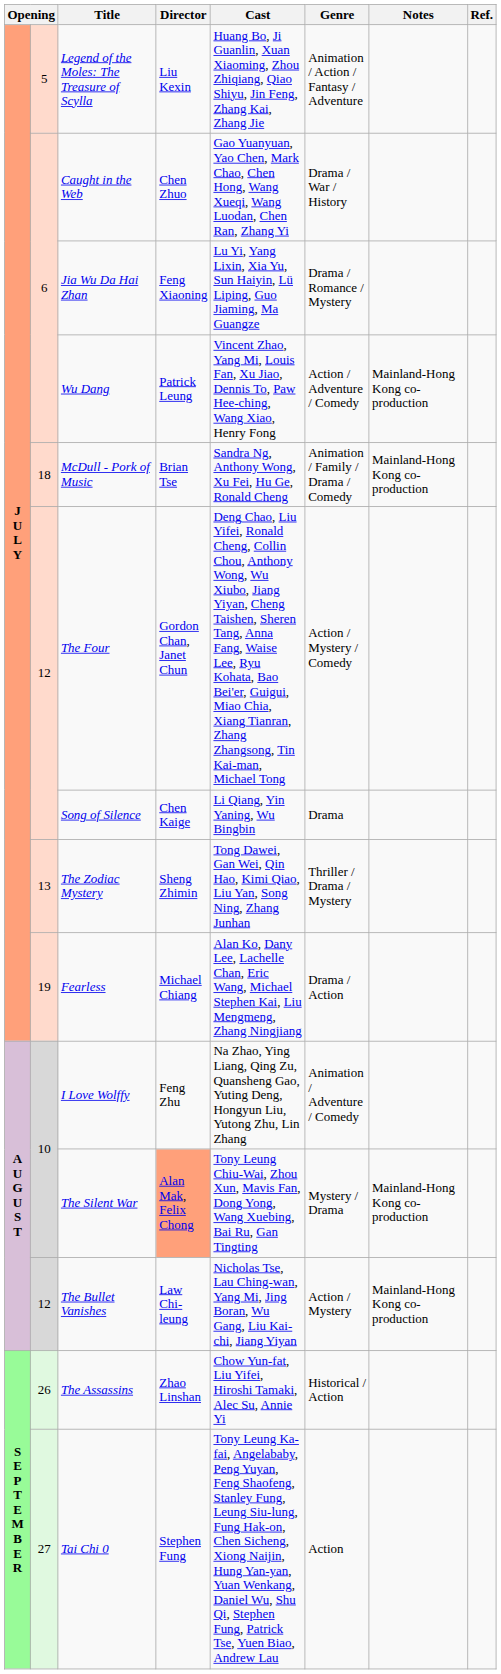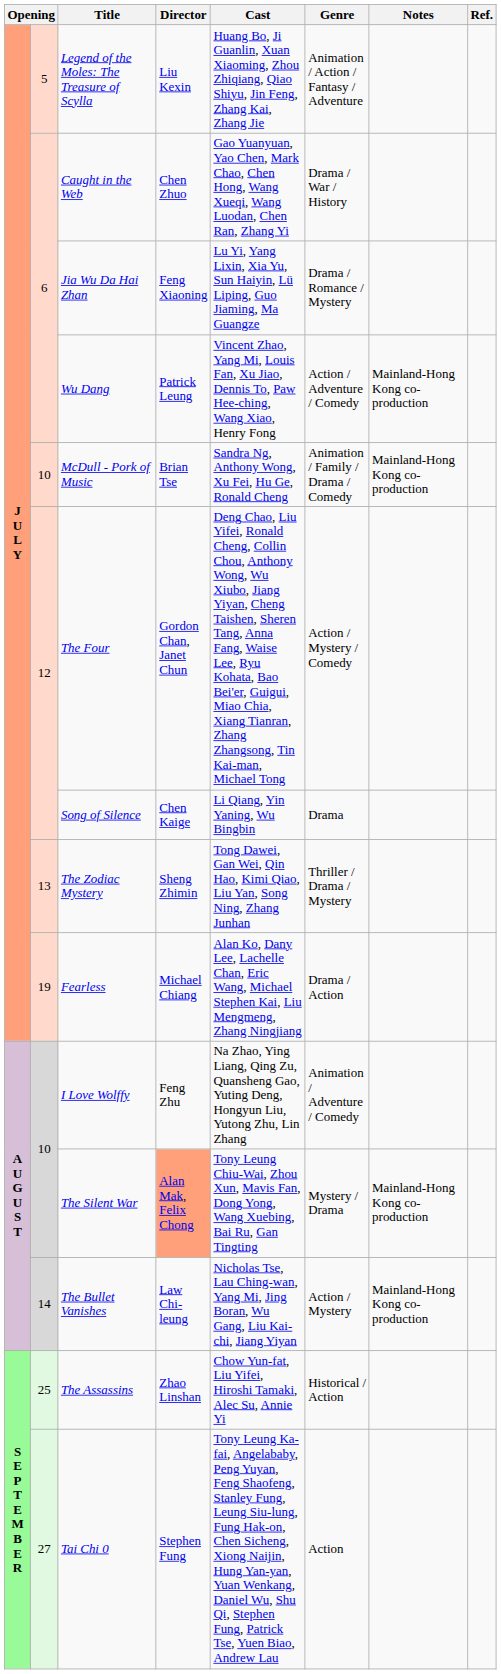 <table class="wikitable">
 <tr>
 <th colspan="2">Opening</th>
 <th style="width:20%;">Title</th>
 <th style="width:10%;">Director</th>
 <th>Cast</th>
 <th style="width:13%">Genre</th>
 <th style="width:20%">Notes</th>
 <th>Ref.</th>
 </tr>
 <tr>
 <th rowspan=9 style="text-align:center; background:#ffa07a; textcolor:#000;">J<br>U<br>L<br>Y</th>
 <td rowspan=1 style="text-align:center; background:#ffdacc; textcolor:#000;">5</td>
 <td><em><a href='#'>Legend of the Moles: The Treasure of Scylla</a></em></td>
 <td><a href='#'>Liu Kexin</a></td>
 <td><a href='#'>Huang Bo</a>, <a href='#'>Ji Guanlin</a>, <a href='#'>Xuan Xiaoming</a>, <a href='#'>Zhou Zhiqiang</a>, <a href='#'>Qiao Shiyu</a>, <a href='#'>Jin Feng</a>, <a href='#'>Zhang Kai</a>, <a href='#'>Zhang Jie</a></td>
 <td>Animation / Action / Fantasy / Adventure</td>
 <td></td>
 <td style="text-align:center;"></td>
 </tr>
 <tr>
 <td rowspan=3 style="text-align:center; background:#ffdacc; textcolor:#000;">6</td>
 <td><em><a href='#'>Caught in the Web</a></em></td>
 <td><a href='#'>Chen Zhuo</a></td>
 <td><a href='#'>Gao Yuanyuan</a>, <a href='#'>Yao Chen</a>, <a href='#'>Mark Chao</a>, <a href='#'>Chen Hong</a>, <a href='#'>Wang Xueqi</a>, <a href='#'>Wang Luodan</a>, <a href='#'>Chen Ran</a>, <a href='#'>Zhang Yi</a></td>
 <td>Drama / War / History</td>
 <td></td>
 <td style="text-align:center;"></td>
 </tr>
 <tr>
 <td><em><a href='#'>Jia Wu Da Hai Zhan</a></em></td>
 <td><a href='#'>Feng Xiaoning</a></td>
 <td><a href='#'>Lu Yi</a>, <a href='#'>Yang Lixin</a>, <a href='#'>Xia Yu</a>, <a href='#'>Sun Haiyin</a>, <a href='#'>Lü Liping</a>, <a href='#'>Guo Jiaming</a>, <a href='#'>Ma Guangze</a></td>
 <td>Drama / Romance / Mystery</td>
 <td></td>
 <td style="text-align:center;"></td>
 </tr>
 <tr>
 <td><em><a href='#'>Wu Dang</a></em></td>
 <td><a href='#'>Patrick Leung</a></td>
 <td><a href='#'>Vincent Zhao</a>, <a href='#'>Yang Mi</a>, <a href='#'>Louis Fan</a>, <a href='#'>Xu Jiao</a>, <a href='#'>Dennis To</a>, <a href='#'>Paw Hee-ching</a>, <a href='#'>Wang Xiao</a>, Henry Fong</td>
 <td>Action / Adventure / Comedy</td>
 <td>Mainland-Hong Kong co-production</td>
 <td style="text-align:center;"></td>
 </tr>
 <tr>
-<td rowspan=1 style="text-align:center; background:#ffdacc; textcolor:#000;">18</td>
+<td rowspan=1 style="text-align:center; background:#ffdacc; textcolor:#000;">10</td>
 <td><em><a href='#'>McDull - Pork of Music</a></em></td>
 <td><a href='#'>Brian Tse</a></td>
 <td><a href='#'>Sandra Ng</a>, <a href='#'>Anthony Wong</a>, <a href='#'>Xu Fei</a>, <a href='#'>Hu Ge</a>, <a href='#'>Ronald Cheng</a></td>
 <td>Animation / Family / Drama / Comedy</td>
 <td>Mainland-Hong Kong co-production</td>
 <td style="text-align:center;"></td>
 </tr>
 <tr>
 <td rowspan=2 style="text-align:center; background:#ffdacc; textcolor:#000;">12</td>
 <td><em><a href='#'>The Four</a></em></td>
 <td><a href='#'>Gordon Chan</a>, <a href='#'>Janet Chun</a></td>
 <td><a href='#'>Deng Chao</a>, <a href='#'>Liu Yifei</a>, <a href='#'>Ronald Cheng</a>, <a href='#'>Collin Chou</a>, <a href='#'>Anthony Wong</a>, <a href='#'>Wu Xiubo</a>, <a href='#'>Jiang Yiyan</a>, <a href='#'>Cheng Taishen</a>, <a href='#'>Sheren Tang</a>, <a href='#'>Anna Fang</a>, <a href='#'>Waise Lee</a>, <a href='#'>Ryu Kohata</a>, <a href='#'>Bao Bei'er</a>, <a href='#'>Guigui</a>, <a href='#'>Miao Chia</a>, <a href='#'>Xiang Tianran</a>, <a href='#'>Zhang Zhangsong</a>, <a href='#'>Tin Kai-man</a>, <a href='#'>Michael Tong</a></td>
 <td>Action / Mystery / Comedy</td>
 <td></td>
 <td style="text-align:center;"></td>
 </tr>
 <tr>
 <td><em><a href='#'>Song of Silence</a></em></td>
 <td><a href='#'>Chen Kaige</a></td>
 <td><a href='#'>Li Qiang</a>, <a href='#'>Yin Yaning</a>, <a href='#'>Wu Bingbin</a></td>
 <td>Drama</td>
 <td></td>
 <td style="text-align:center;"></td>
 </tr>
 <tr>
 <td rowspan=1 style="text-align:center; background:#ffdacc; textcolor:#000;">13</td>
 <td><em><a href='#'>The Zodiac Mystery</a></em></td>
 <td><a href='#'>Sheng Zhimin</a></td>
 <td><a href='#'>Tong Dawei</a>, <a href='#'>Gan Wei</a>, <a href='#'>Qin Hao</a>, <a href='#'>Kimi Qiao</a>, <a href='#'>Liu Yan</a>, <a href='#'>Song Ning</a>, <a href='#'>Zhang Junhan</a></td>
 <td>Thriller / Drama / Mystery</td>
 <td></td>
 <td style="text-align:center;"></td>
 </tr>
 <tr>
 <td rowspan=1 style="text-align:center; background:#ffdacc; textcolor:#000;">19</td>
 <td><em><a href='#'>Fearless</a></em></td>
 <td><a href='#'>Michael Chiang</a></td>
 <td><a href='#'>Alan Ko</a>, <a href='#'>Dany Lee</a>, <a href='#'>Lachelle Chan</a>, <a href='#'>Eric Wang</a>, <a href='#'>Michael Stephen Kai</a>, <a href='#'>Liu Mengmeng</a>, <a href='#'>Zhang Ningjiang</a></td>
 <td>Drama / Action</td>
 <td></td>
 <td style="text-align:center;"></td>
 </tr>
 <tr>
 <th rowspan=3 style="text-align:center; background:thistle; textcolor:#000;">A<br>U<br>G<br>U<br>S<br>T</th>
 <td rowspan=2 style="text-align:center; background:#d8d8d8; textcolor:#000;">10</td>
 <td><em><a href='#'>I Love Wolffy</a></em></td>
 <td>Feng Zhu</td>
 <td>Na Zhao, Ying Liang, Qing Zu, Quansheng Gao, Yuting Deng, Hongyun Liu, Yutong Zhu, Lin Zhang</td>
 <td>Animation / Adventure / Comedy</td>
 <td></td>
 <td style="text-align:center;"></td>
 </tr>
 <tr>
 <td><em><a href='#'>The Silent War</a></em></td>
 <td style="background: lightsalmon;"><a href='#'>Alan Mak</a>, <a href='#'>Felix Chong</a></td>
 <td><a href='#'>Tony Leung Chiu-Wai</a>, <a href='#'>Zhou Xun</a>, <a href='#'>Mavis Fan</a>, <a href='#'>Dong Yong</a>, <a href='#'>Wang Xuebing</a>, <a href='#'>Bai Ru</a>, <a href='#'>Gan Tingting</a></td>
 <td>Mystery / Drama</td>
 <td>Mainland-Hong Kong co-production</td>
 <td style="text-align:center;"></td>
 </tr>
 <tr>
-<td rowspan=1 style="text-align:center; background:#d8d8d8; textcolor:#000;">12</td>
+<td rowspan=1 style="text-align:center; background:#d8d8d8; textcolor:#000;">14</td>
 <td><em><a href='#'>The Bullet Vanishes</a></em></td>
 <td><a href='#'>Law Chi-leung</a></td>
 <td><a href='#'>Nicholas Tse</a>, <a href='#'>Lau Ching-wan</a>, <a href='#'>Yang Mi</a>, <a href='#'>Jing Boran</a>, <a href='#'>Wu Gang</a>, <a href='#'>Liu Kai-chi</a>, <a href='#'>Jiang Yiyan</a></td>
 <td>Action / Mystery</td>
 <td>Mainland-Hong Kong co-production</td>
 <td style="text-align:center;"></td>
 </tr>
 <tr>
 <th rowspan=2 style="text-align:center; background:#98fb98; textcolor:#000;">S<br>E<br>P<br>T<br>E<br>M<br>B<br>E<br>R</th>
-<td rowspan=1 style="text-align:center; background:#e0f9e0; textcolor:000;">26</td>
+<td rowspan=1 style="text-align:center; background:#e0f9e0; textcolor:000;">25</td>
 <td><em><a href='#'>The Assassins</a></em></td>
 <td><a href='#'>Zhao Linshan</a></td>
 <td><a href='#'>Chow Yun-fat</a>, <a href='#'>Liu Yifei</a>, <a href='#'>Hiroshi Tamaki</a>, <a href='#'>Alec Su</a>, <a href='#'>Annie Yi</a></td>
 <td>Historical / Action</td>
 <td></td>
 <td style="text-align:center;"></td>
 </tr>
 <tr>
 <td rowspan=1 style="text-align:center; background:#e0f9e0; textcolor:000;">27</td>
 <td><em><a href='#'>Tai Chi 0</a></em></td>
 <td><a href='#'>Stephen Fung</a></td>
 <td><a href='#'>Tony Leung Ka-fai</a>, <a href='#'>Angelababy</a>, <a href='#'>Peng Yuyan</a>, <a href='#'>Feng Shaofeng</a>, <a href='#'>Stanley Fung</a>, <a href='#'>Leung Siu-lung</a>, <a href='#'>Fung Hak-on</a>, <a href='#'>Chen Sicheng</a>, <a href='#'>Xiong Naijin</a>, <a href='#'>Hung Yan-yan</a>, <a href='#'>Yuan Wenkang</a>, <a href='#'>Daniel Wu</a>, <a href='#'>Shu Qi</a>, <a href='#'>Stephen Fung</a>, <a href='#'>Patrick Tse</a>, <a href='#'>Yuen Biao</a>, <a href='#'>Andrew Lau</a></td>
 <td>Action</td>
 <td></td>
 <td style="text-align:center;"></td>
 </tr>
 </table>
